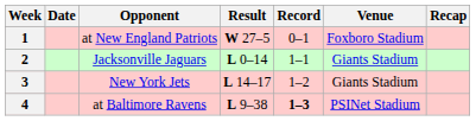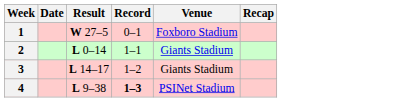 <table class="wikitable" style="text-align:center">
 <tr>
 <th>Week</th>
 <th>Date</th>
-<th>Opponent</th>
 <th>Result</th>
 <th>Record</th>
 <th>Venue</th>
 <th>Recap</th>
 </tr>
 <tr style="background: #fcc;">
 <th>1</th>
 <td></td>
-<td>at <a href='#'>New England Patriots</a></td>
 <td><strong>W</strong> 27–5</td>
 <td>0–1</td>
 <td><a href='#'>Foxboro Stadium</a></td>
 <td></td>
 </tr>
 <tr style="background: #cfc;">
 <th>2</th>
 <td></td>
-<td><a href='#'>Jacksonville Jaguars</a></td>
 <td><strong>L</strong> 0–14</td>
 <td>1–1</td>
 <td><a href='#'>Giants Stadium</a></td>
 <td></td>
 </tr>
 <tr style="background: #fcc;">
 <th>3</th>
 <td></td>
-<td><a href='#'>New York Jets</a></td>
 <td><strong>L</strong> 14–17</td>
 <td>1–2</td>
 <td>Giants Stadium</td>
 <td></td>
 </tr>
 <tr style="background: #fcc;">
 <th>4</th>
 <td></td>
-<td>at <a href='#'>Baltimore Ravens</a></td>
 <td><strong>L</strong> 9–38</td>
 <td><strong>1–3</strong></td>
 <td><a href='#'>PSINet Stadium</a></td>
 <td></td>
 </tr>
 </table>
